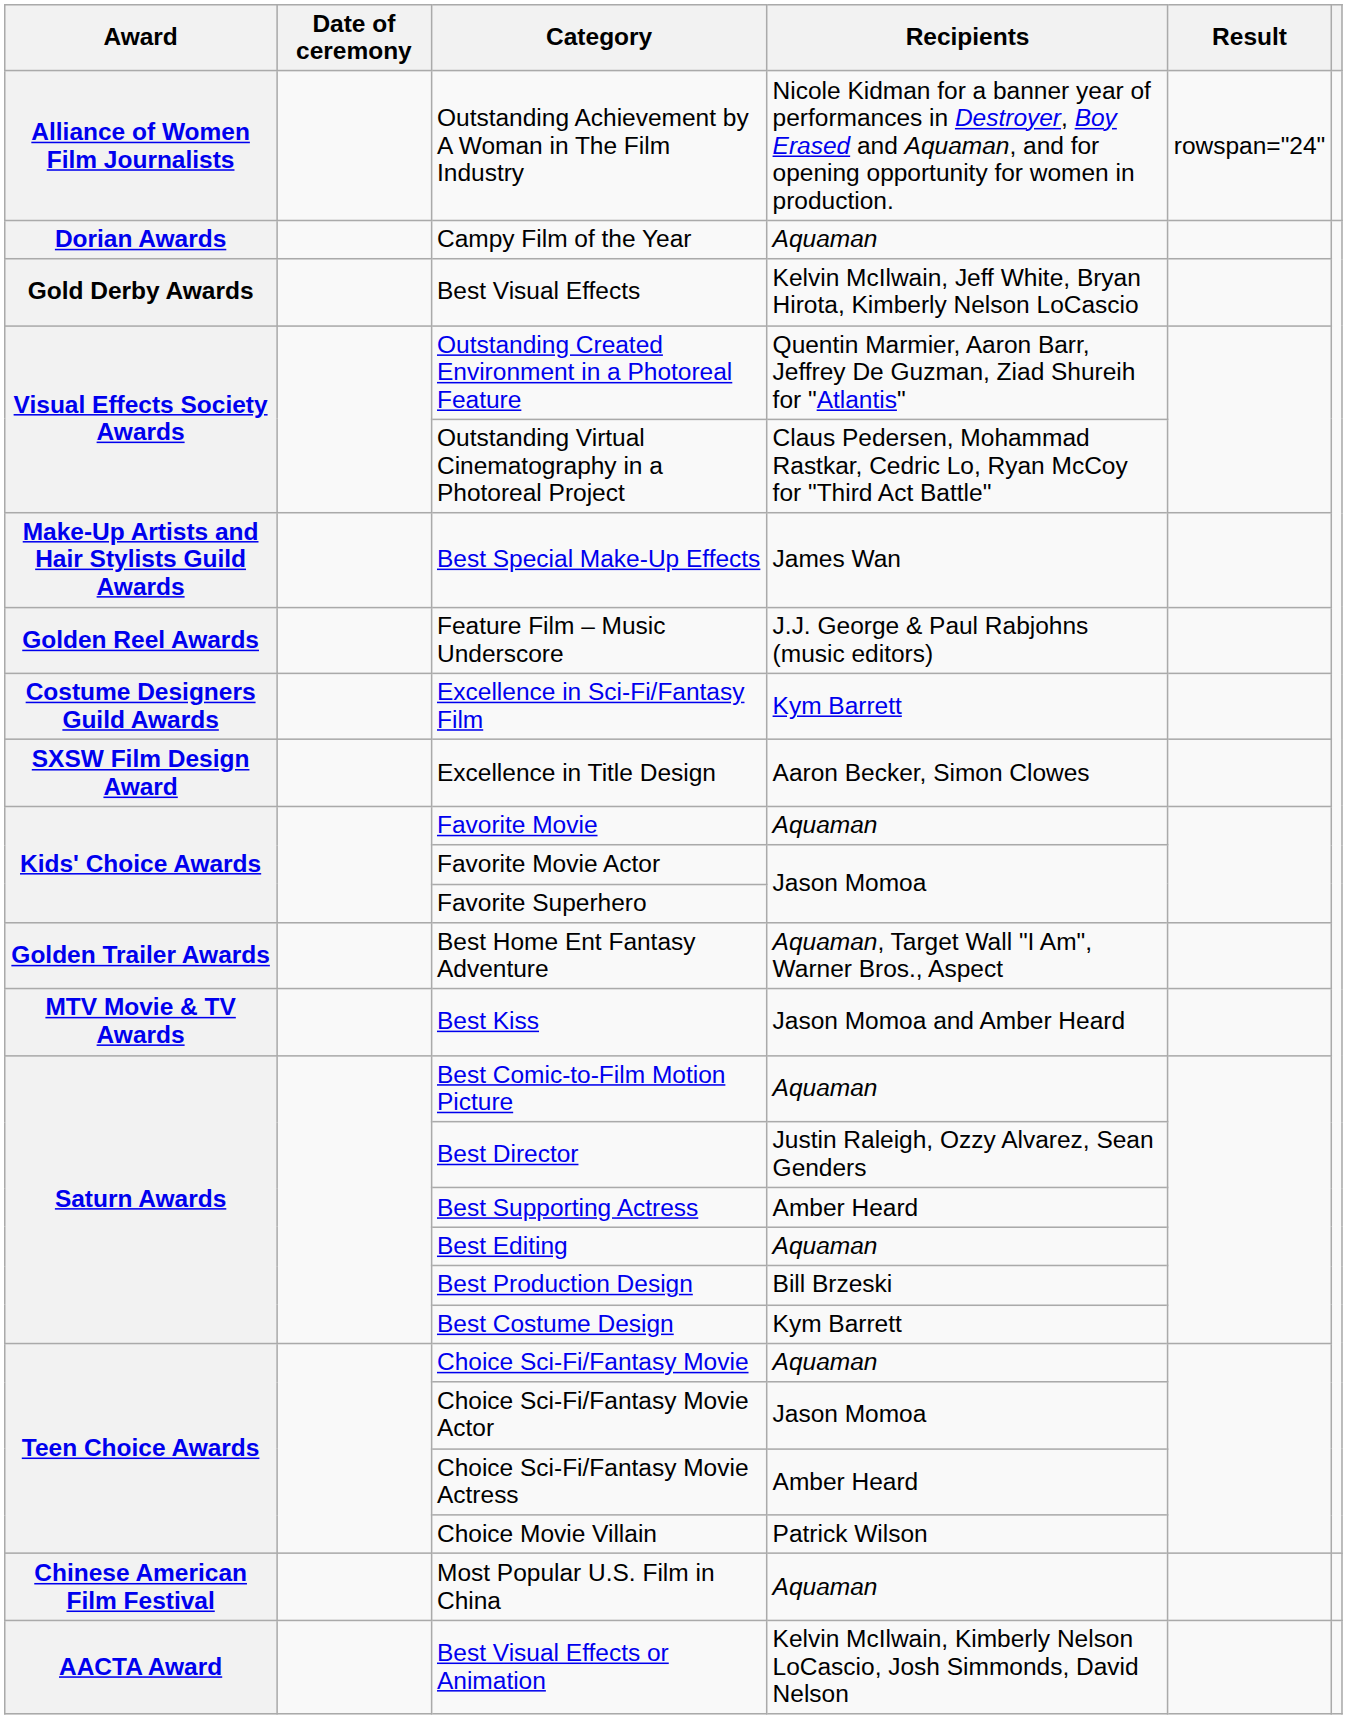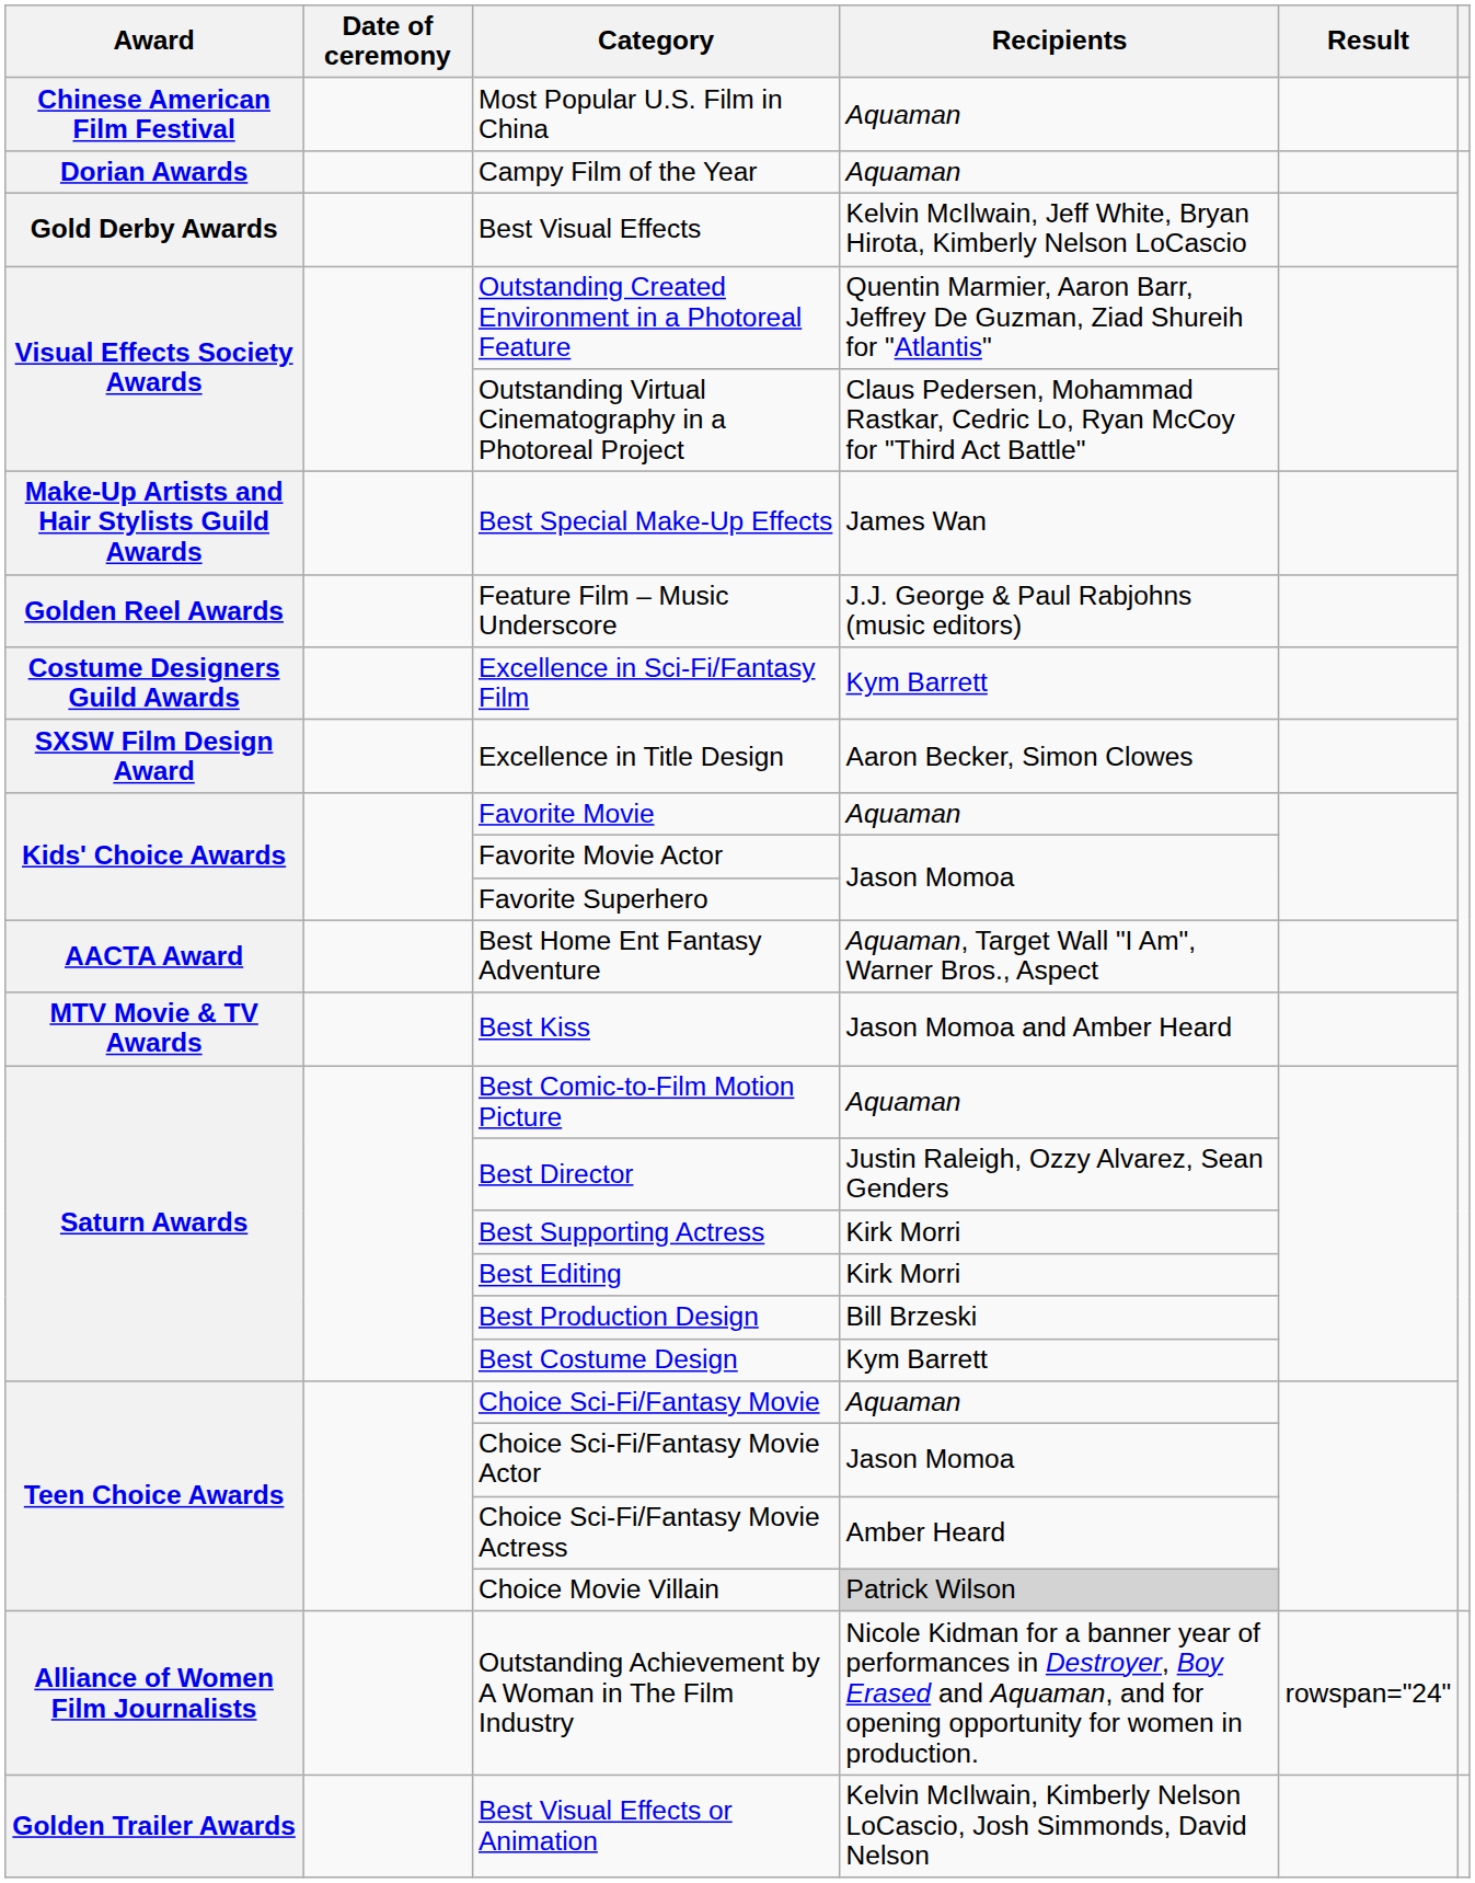 <table class="wikitable plainrowheaders sortable defaultcenter" style="width: 99%;">
 <tr>
 <th scope="col">Award</th>
 <th scope="col">Date of ceremony</th>
 <th scope="col">Category</th>
 <th scope="col" style="width:30%;">Recipients</th>
 <th scope="col">Result</th>
 <th scope="col" class="unsortable"></th>
 </tr>
 <tr>
-<th scope="row" style="text-align:center;"><a href='#'>Alliance of Women Film Journalists</a></th>
+<th scope="row" style="text-align:center;"><a href='#'>Chinese American Film Festival</a></th>
 <td></td>
-<td>Outstanding Achievement by A Woman in The Film Industry</td>
-<td>Nicole Kidman for a banner year of performances in <em><a href='#'>Destroyer</a></em>, <em><a href='#'>Boy Erased</a></em> and <em>Aquaman</em>, and for opening opportunity for women in production.</td>
-<td>rowspan="24" </td>
+<td>Most Popular U.S. Film in China</td>
+<td><em>Aquaman</em></td>
+<td></td>
 <td></td>
 </tr>
 <tr>
 <th scope="row" style="text-align:center;"><a href='#'>Dorian Awards</a></th>
 <td></td>
 <td>Campy Film of the Year</td>
 <td><em>Aquaman</em></td>
 <td></td>
 </tr>
 <tr>
 <th scope="row" style="text-align:center;">Gold Derby Awards</th>
 <td></td>
 <td>Best Visual Effects</td>
 <td>Kelvin McIlwain, Jeff White, Bryan Hirota, Kimberly Nelson LoCascio</td>
 <td></td>
 </tr>
 <tr>
 <th scope="row" style="text-align:center;" rowspan="2"><a href='#'>Visual Effects Society Awards</a></th>
 <td rowspan="2"><a href='#'></a></td>
 <td><a href='#'>Outstanding Created Environment in a Photoreal Feature</a></td>
 <td>Quentin Marmier, Aaron Barr, Jeffrey De Guzman, Ziad Shureih for "<a href='#'>Atlantis</a>"</td>
 <td rowspan="2"></td>
 </tr>
 <tr>
 <td>Outstanding Virtual Cinematography in a Photoreal Project</td>
 <td>Claus Pedersen, Mohammad Rastkar, Cedric Lo, Ryan McCoy for "Third Act Battle"</td>
 </tr>
 <tr>
 <th scope="row" style="text-align:center;"><a href='#'>Make-Up Artists and Hair Stylists Guild Awards</a></th>
 <td></td>
 <td><a href='#'>Best Special Make-Up Effects</a></td>
 <td>James Wan</td>
 <td></td>
 </tr>
 <tr>
 <th scope="row" style="text-align:center;"><a href='#'>Golden Reel Awards</a></th>
 <td></td>
 <td>Feature Film – Music Underscore</td>
 <td>J.J. George & Paul Rabjohns (music editors)</td>
 <td style="text-align:center;"></td>
 </tr>
 <tr>
 <th scope="row" style="text-align:center;"><a href='#'>Costume Designers Guild Awards</a></th>
 <td><a href='#'></a></td>
 <td><a href='#'>Excellence in Sci-Fi/Fantasy Film</a></td>
 <td><a href='#'>Kym Barrett</a></td>
 <td></td>
 </tr>
 <tr>
 <th scope="row" style="text-align:center;"><a href='#'>SXSW Film Design Award</a></th>
 <td></td>
 <td>Excellence in Title Design</td>
 <td>Aaron Becker, Simon Clowes</td>
 <td></td>
 </tr>
 <tr>
 <th scope="row" style="text-align:center;" rowspan="3"><a href='#'>Kids' Choice Awards</a></th>
 <td rowspan="3"><a href='#'></a></td>
 <td><a href='#'>Favorite Movie</a></td>
 <td><em>Aquaman</em></td>
 <td rowspan="3"></td>
 </tr>
 <tr>
 <td>Favorite Movie Actor</td>
 <td rowspan="2">Jason Momoa</td>
 </tr>
 <tr>
 <td>Favorite Superhero</td>
 </tr>
 <tr>
-<th scope="row" style="text-align:center;"><a href='#'>Golden Trailer Awards</a></th>
+<th scope="row" style="text-align:center;"><a href='#'>AACTA Award</a></th>
 <td></td>
 <td>Best Home Ent Fantasy Adventure</td>
 <td><em>Aquaman</em>, Target Wall "I Am", Warner Bros., Aspect</td>
 <td></td>
 </tr>
 <tr>
 <th scope="row" style="text-align:center;"><a href='#'>MTV Movie & TV Awards</a></th>
 <td><a href='#'></a></td>
 <td><a href='#'>Best Kiss</a></td>
 <td>Jason Momoa and Amber Heard</td>
 <td></td>
 </tr>
 <tr>
 <th scope="row" style="text-align:center;" rowspan="6"><a href='#'>Saturn Awards</a></th>
 <td rowspan="6"><a href='#'></a></td>
 <td><a href='#'>Best Comic-to-Film Motion Picture</a></td>
 <td><em>Aquaman</em></td>
 <td rowspan="6"></td>
 </tr>
 <tr>
 <td><a href='#'>Best Director</a></td>
 <td>Justin Raleigh, Ozzy Alvarez, Sean Genders</td>
 </tr>
 <tr>
 <td><a href='#'>Best Supporting Actress</a></td>
-<td>Amber Heard</td>
+<td>Kirk Morri</td>
 </tr>
 <tr>
 <td><a href='#'>Best Editing</a></td>
-<td><em>Aquaman</em></td>
+<td>Kirk Morri</td>
 </tr>
 <tr>
 <td><a href='#'>Best Production Design</a></td>
 <td>Bill Brzeski</td>
 </tr>
 <tr>
 <td><a href='#'>Best Costume Design</a></td>
 <td>Kym Barrett</td>
 </tr>
 <tr>
 <th scope="row" style="text-align:center;" rowspan="4"><a href='#'>Teen Choice Awards</a></th>
 <td rowspan="4"><a href='#'></a></td>
 <td><a href='#'>Choice Sci-Fi/Fantasy Movie</a></td>
 <td><em>Aquaman</em></td>
 <td style="text-align:center;" rowspan="4"></td>
 </tr>
 <tr>
 <td>Choice Sci-Fi/Fantasy Movie Actor</td>
 <td>Jason Momoa</td>
 </tr>
 <tr>
 <td>Choice Sci-Fi/Fantasy Movie Actress</td>
 <td>Amber Heard</td>
 </tr>
 <tr>
 <td>Choice Movie Villain</td>
-<td>Patrick Wilson</td>
+<td style="background: lightgrey;">Patrick Wilson</td>
 </tr>
 <tr>
-<th scope="row" style="text-align:center;"><a href='#'>Chinese American Film Festival</a></th>
+<th scope="row" style="text-align:center;"><a href='#'>Alliance of Women Film Journalists</a></th>
 <td></td>
-<td>Most Popular U.S. Film in China</td>
-<td><em>Aquaman</em></td>
-<td></td>
+<td>Outstanding Achievement by A Woman in The Film Industry</td>
+<td>Nicole Kidman for a banner year of performances in <em><a href='#'>Destroyer</a></em>, <em><a href='#'>Boy Erased</a></em> and <em>Aquaman</em>, and for opening opportunity for women in production.</td>
+<td>rowspan="24" </td>
 <td></td>
 </tr>
 <tr>
-<th scope="row" style="text-align:center;"><a href='#'>AACTA Award</a></th>
+<th scope="row" style="text-align:center;"><a href='#'>Golden Trailer Awards</a></th>
 <td><a href='#'></a></td>
 <td><a href='#'>Best Visual Effects or Animation</a></td>
 <td>Kelvin McIlwain, Kimberly Nelson LoCascio, Josh Simmonds, David Nelson</td>
 <td></td>
 <td></td>
 </tr>
 </table>
